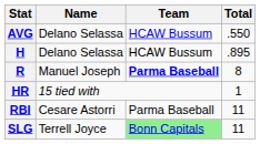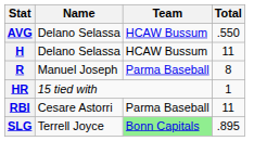 <table class=wikitable>
 <tr>
 <th scope="col">Stat</th>
 <th scope="col">Name</th>
 <th scope="col">Team</th>
 <th scope="col">Total</th>
 </tr>
 <tr>
 <th scope="row"><a href='#'>AVG</a></th>
 <td> Delano Selassa</td>
 <td> <a href='#'>HCAW Bussum</a></td>
 <td align=center>.550</td>
 </tr>
 <tr>
 <th scope="row"><a href='#'>H</a></th>
 <td> Delano Selassa</td>
 <td> HCAW Bussum</td>
-<td align=center>.895</td>
+<td align=center>11</td>
 </tr>
 <tr>
 <th scope="row"><a href='#'>R</a></th>
 <td> Manuel Joseph</td>
-<td><strong> <a href='#'>Parma Baseball</a></strong></td>
+<td> <a href='#'>Parma Baseball</a></td>
 <td align=center>8</td>
 </tr>
 <tr>
 <th scope="row"><a href='#'>HR</a></th>
 <td colspan=2><em>15 tied with</em></td>
 <td align=center>1</td>
 </tr>
 <tr>
 <th scope="row"><a href='#'>RBI</a></th>
 <td> Cesare Astorri</td>
 <td> Parma Baseball</td>
 <td align=center>11</td>
 </tr>
 <tr>
 <th scope="row"><a href='#'>SLG</a></th>
 <td> Terrell Joyce</td>
 <td style="background: lightgreen;"> <a href='#'>Bonn Capitals</a></td>
-<td align=center>11</td>
+<td align=center>.895</td>
 </tr>
 </table>
